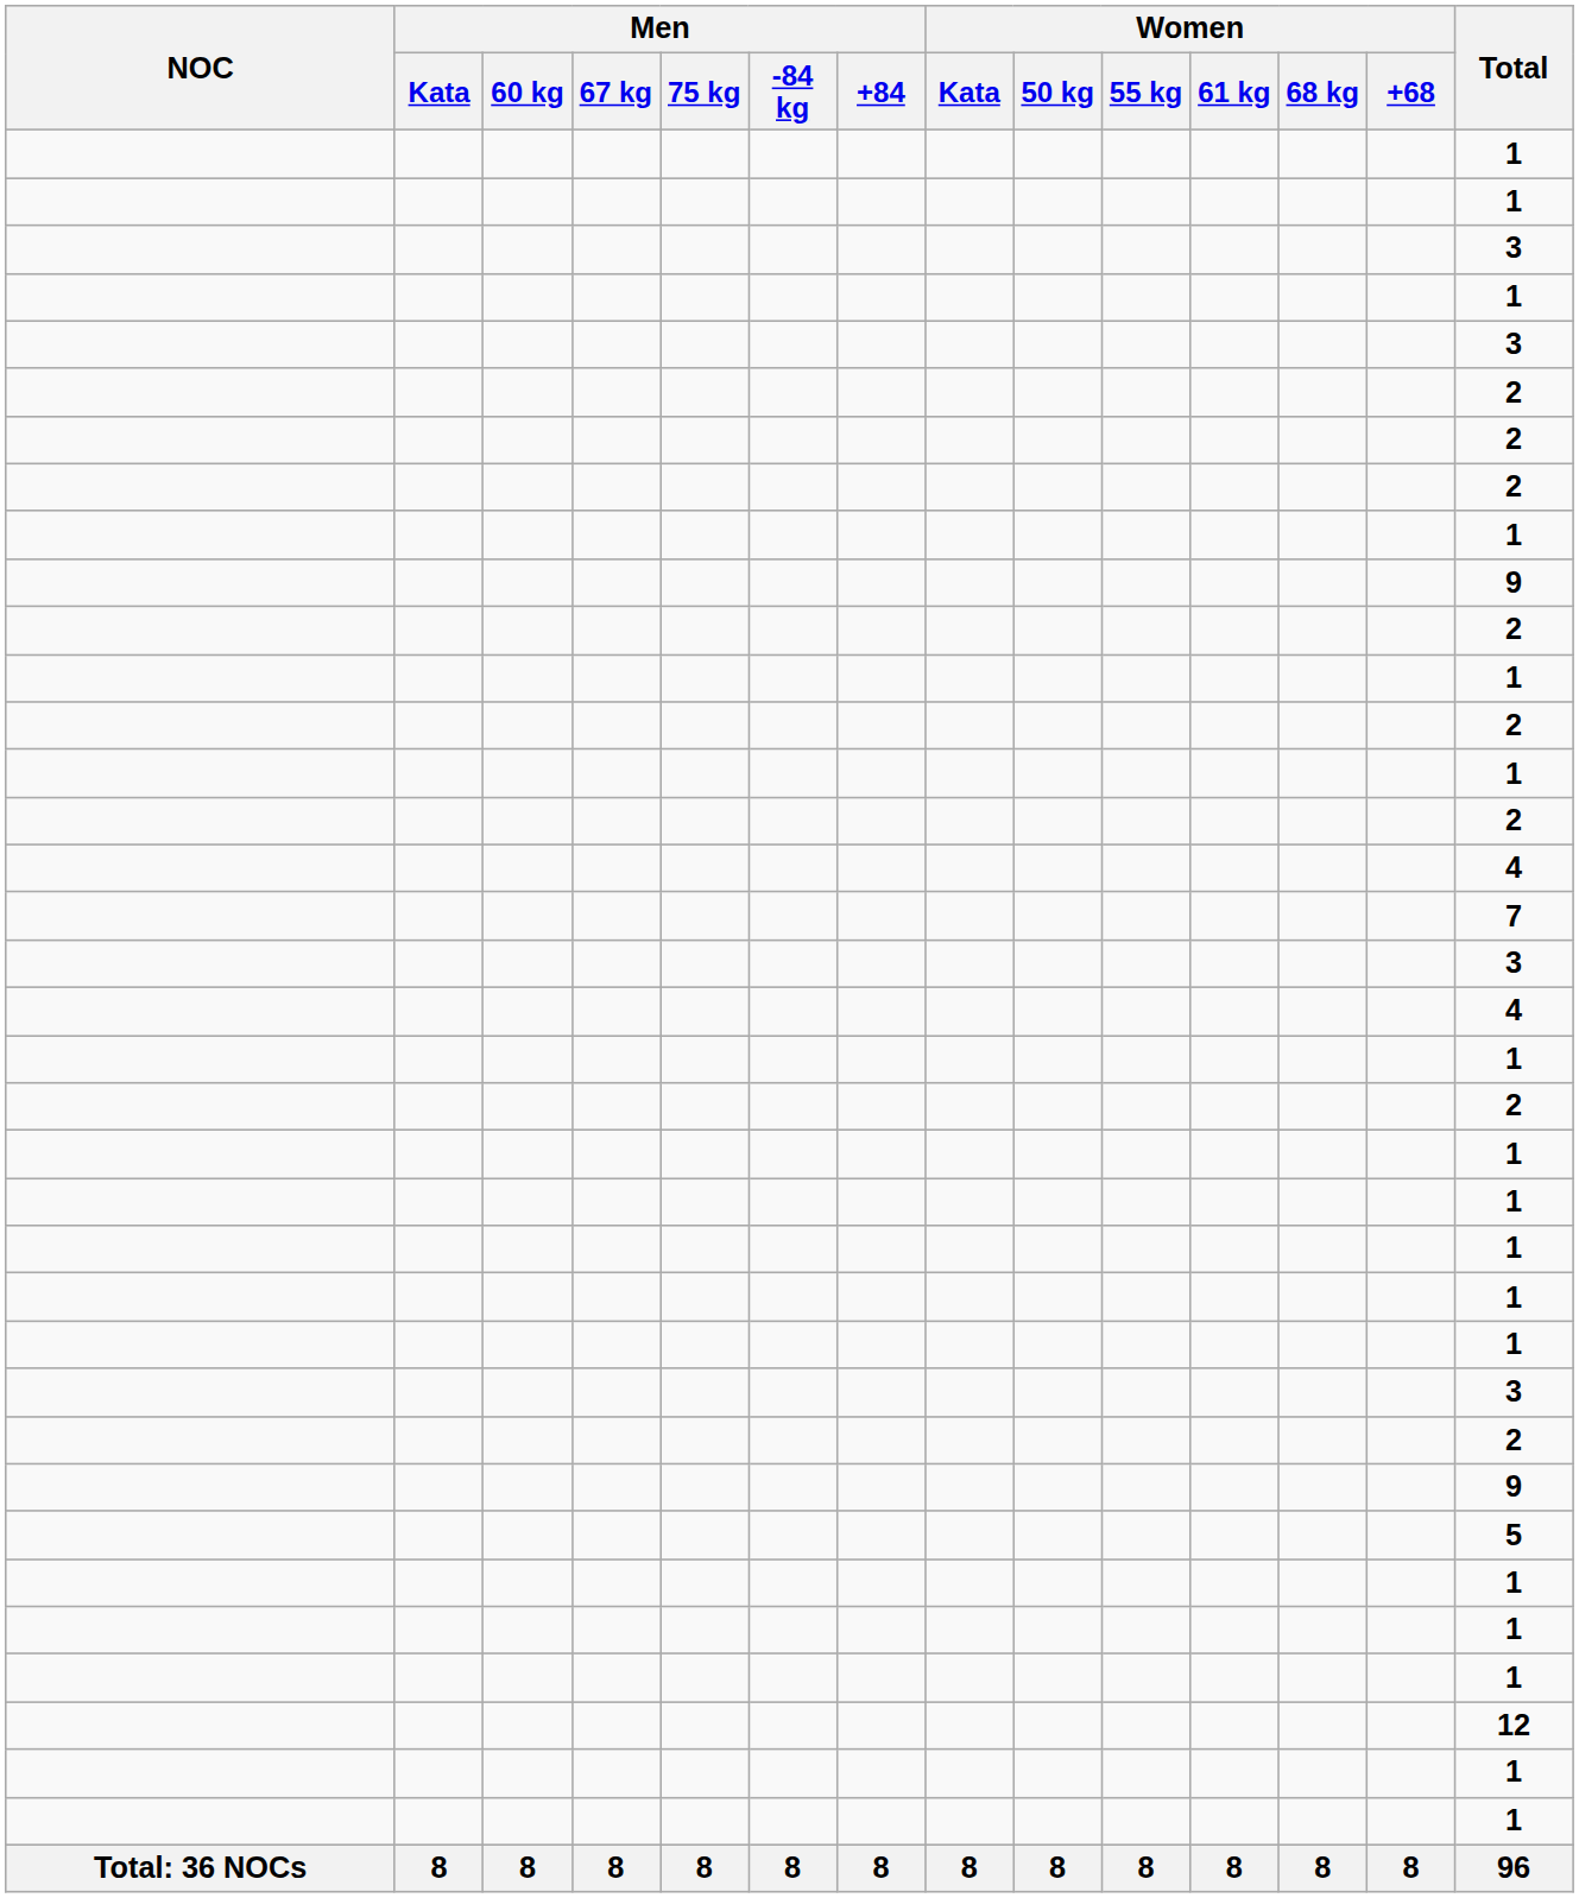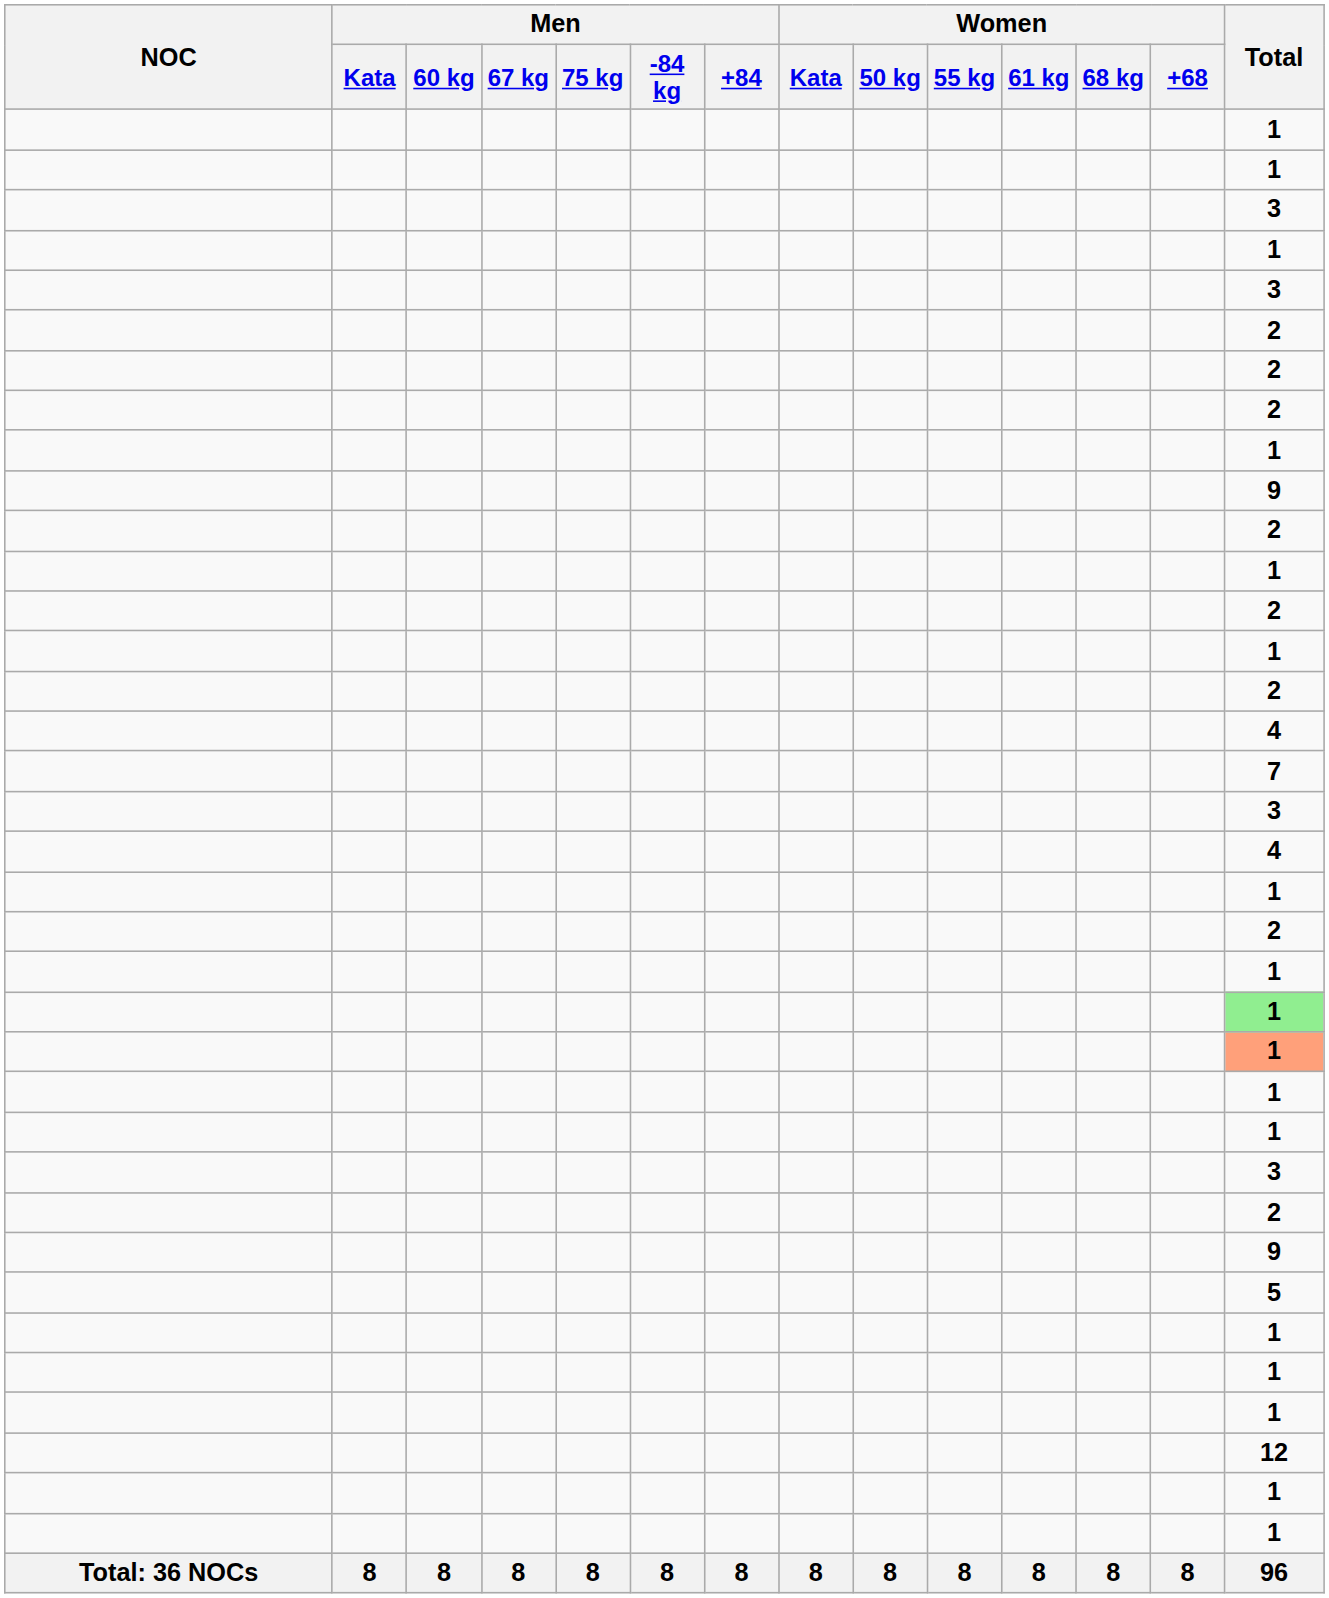 <table class="wikitable sortable" style="text-align:center; font-size:100%">
 <tr>
 <th rowspan="2" width=200 style="text-align:center;">NOC</th>
 <th colspan="6">Men</th>
 <th colspan="6">Women</th>
 <th width=55 rowspan="2">Total</th>
 </tr>
 <tr style="font-size:95%">
 <th width=40><a href='#'>Kata</a></th>
 <th width=40><a href='#'>60 kg</a></th>
 <th width=40><a href='#'>67 kg</a></th>
 <th width=40><a href='#'>75 kg</a></th>
 <th width=40><a href='#'>-84 kg</a></th>
 <th width=40><a href='#'>+84</a></th>
 <th width=40><a href='#'>Kata</a></th>
 <th width=40><a href='#'>50 kg</a></th>
 <th width=40><a href='#'>55 kg</a></th>
 <th width=40><a href='#'>61 kg</a></th>
 <th width=40><a href='#'>68 kg</a></th>
 <th width=40><a href='#'>+68</a></th>
 </tr>
 <tr>
 <td align="left"></td>
 <td></td>
 <td></td>
 <td></td>
 <td></td>
 <td></td>
 <td></td>
 <td></td>
 <td></td>
 <td></td>
 <td></td>
 <td></td>
 <td></td>
 <td><strong>1</strong></td>
 </tr>
 <tr>
 <td align="left"></td>
 <td></td>
 <td></td>
 <td></td>
 <td></td>
 <td></td>
 <td></td>
 <td></td>
 <td></td>
 <td></td>
 <td></td>
 <td></td>
 <td></td>
 <td><strong>1</strong></td>
 </tr>
 <tr>
 <td align="left"></td>
 <td></td>
 <td></td>
 <td></td>
 <td></td>
 <td></td>
 <td></td>
 <td></td>
 <td></td>
 <td></td>
 <td></td>
 <td></td>
 <td></td>
 <td><strong>3</strong></td>
 </tr>
 <tr>
 <td align="left"></td>
 <td></td>
 <td></td>
 <td></td>
 <td></td>
 <td></td>
 <td></td>
 <td></td>
 <td></td>
 <td></td>
 <td></td>
 <td></td>
 <td></td>
 <td><strong>1</strong></td>
 </tr>
 <tr>
 <td align="left"></td>
 <td></td>
 <td></td>
 <td></td>
 <td></td>
 <td></td>
 <td></td>
 <td></td>
 <td></td>
 <td></td>
 <td></td>
 <td></td>
 <td></td>
 <td><strong>3</strong></td>
 </tr>
 <tr>
 <td align="left"></td>
 <td></td>
 <td></td>
 <td></td>
 <td></td>
 <td></td>
 <td></td>
 <td></td>
 <td></td>
 <td></td>
 <td></td>
 <td></td>
 <td></td>
 <td><strong>2</strong></td>
 </tr>
 <tr>
 <td align="left"></td>
 <td></td>
 <td></td>
 <td></td>
 <td></td>
 <td></td>
 <td></td>
 <td></td>
 <td></td>
 <td></td>
 <td></td>
 <td></td>
 <td></td>
 <td><strong>2</strong></td>
 </tr>
 <tr>
 <td align="left"></td>
 <td></td>
 <td></td>
 <td></td>
 <td></td>
 <td></td>
 <td></td>
 <td></td>
 <td></td>
 <td></td>
 <td></td>
 <td></td>
 <td></td>
 <td><strong>2</strong></td>
 </tr>
 <tr>
 <td align="left"></td>
 <td></td>
 <td></td>
 <td></td>
 <td></td>
 <td></td>
 <td></td>
 <td></td>
 <td></td>
 <td></td>
 <td></td>
 <td></td>
 <td></td>
 <td><strong>1</strong></td>
 </tr>
 <tr>
 <td align="left"></td>
 <td></td>
 <td></td>
 <td></td>
 <td></td>
 <td></td>
 <td></td>
 <td></td>
 <td></td>
 <td></td>
 <td></td>
 <td></td>
 <td></td>
 <td><strong>9</strong></td>
 </tr>
 <tr>
 <td align="left"></td>
 <td></td>
 <td></td>
 <td></td>
 <td></td>
 <td></td>
 <td></td>
 <td></td>
 <td></td>
 <td></td>
 <td></td>
 <td></td>
 <td></td>
 <td><strong>2</strong></td>
 </tr>
 <tr>
 <td align="left"></td>
 <td></td>
 <td></td>
 <td></td>
 <td></td>
 <td></td>
 <td></td>
 <td></td>
 <td></td>
 <td></td>
 <td></td>
 <td></td>
 <td></td>
 <td><strong>1</strong></td>
 </tr>
 <tr>
 <td align="left"></td>
 <td></td>
 <td></td>
 <td></td>
 <td></td>
 <td></td>
 <td></td>
 <td></td>
 <td></td>
 <td></td>
 <td></td>
 <td></td>
 <td></td>
 <td><strong>2</strong></td>
 </tr>
 <tr>
 <td align="left"></td>
 <td></td>
 <td></td>
 <td></td>
 <td></td>
 <td></td>
 <td></td>
 <td></td>
 <td></td>
 <td></td>
 <td></td>
 <td></td>
 <td></td>
 <td><strong>1</strong></td>
 </tr>
 <tr>
 <td align="left"></td>
 <td></td>
 <td></td>
 <td></td>
 <td></td>
 <td></td>
 <td></td>
 <td></td>
 <td></td>
 <td></td>
 <td></td>
 <td></td>
 <td></td>
 <td><strong>2</strong></td>
 </tr>
 <tr>
 <td align="left"></td>
 <td></td>
 <td></td>
 <td></td>
 <td></td>
 <td></td>
 <td></td>
 <td></td>
 <td></td>
 <td></td>
 <td></td>
 <td></td>
 <td></td>
 <td><strong>4</strong></td>
 </tr>
 <tr>
 <td align="left"></td>
 <td></td>
 <td></td>
 <td></td>
 <td></td>
 <td></td>
 <td></td>
 <td></td>
 <td></td>
 <td></td>
 <td></td>
 <td></td>
 <td></td>
 <td><strong>7</strong></td>
 </tr>
 <tr>
 <td align="left"></td>
 <td></td>
 <td></td>
 <td></td>
 <td></td>
 <td></td>
 <td></td>
 <td></td>
 <td></td>
 <td></td>
 <td></td>
 <td></td>
 <td></td>
 <td><strong>3</strong></td>
 </tr>
 <tr>
 <td align="left"></td>
 <td></td>
 <td></td>
 <td></td>
 <td></td>
 <td></td>
 <td></td>
 <td></td>
 <td></td>
 <td></td>
 <td></td>
 <td></td>
 <td></td>
 <td><strong>4</strong></td>
 </tr>
 <tr>
 <td align="left"></td>
 <td></td>
 <td></td>
 <td></td>
 <td></td>
 <td></td>
 <td></td>
 <td></td>
 <td></td>
 <td></td>
 <td></td>
 <td></td>
 <td></td>
 <td><strong>1</strong></td>
 </tr>
 <tr>
 <td align="left"></td>
 <td></td>
 <td></td>
 <td></td>
 <td></td>
 <td></td>
 <td></td>
 <td></td>
 <td></td>
 <td></td>
 <td></td>
 <td></td>
 <td></td>
 <td><strong>2</strong></td>
 </tr>
 <tr>
 <td align="left"></td>
 <td></td>
 <td></td>
 <td></td>
 <td></td>
 <td></td>
 <td></td>
 <td></td>
 <td></td>
 <td></td>
 <td></td>
 <td></td>
 <td></td>
 <td><strong>1</strong></td>
 </tr>
 <tr>
 <td align="left"></td>
 <td></td>
 <td></td>
 <td></td>
 <td></td>
 <td></td>
 <td></td>
 <td></td>
 <td></td>
 <td></td>
 <td></td>
 <td></td>
 <td></td>
-<td><strong>1</strong></td>
+<td style="background: lightgreen;"><strong>1</strong></td>
 </tr>
 <tr>
 <td align="left"></td>
 <td></td>
 <td></td>
 <td></td>
 <td></td>
 <td></td>
 <td></td>
 <td></td>
 <td></td>
 <td></td>
 <td></td>
 <td></td>
 <td></td>
-<td><strong>1</strong></td>
+<td style="background: lightsalmon;"><strong>1</strong></td>
 </tr>
 <tr>
 <td align="left"></td>
 <td></td>
 <td></td>
 <td></td>
 <td></td>
 <td></td>
 <td></td>
 <td></td>
 <td></td>
 <td></td>
 <td></td>
 <td></td>
 <td></td>
 <td><strong>1</strong></td>
 </tr>
 <tr>
 <td align="left"></td>
 <td></td>
 <td></td>
 <td></td>
 <td></td>
 <td></td>
 <td></td>
 <td></td>
 <td></td>
 <td></td>
 <td></td>
 <td></td>
 <td></td>
 <td><strong>1</strong></td>
 </tr>
 <tr>
 <td align="left"></td>
 <td></td>
 <td></td>
 <td></td>
 <td></td>
 <td></td>
 <td></td>
 <td></td>
 <td></td>
 <td></td>
 <td></td>
 <td></td>
 <td></td>
 <td><strong>3</strong></td>
 </tr>
 <tr>
 <td align="left"></td>
 <td></td>
 <td></td>
 <td></td>
 <td></td>
 <td></td>
 <td></td>
 <td></td>
 <td></td>
 <td></td>
 <td></td>
 <td></td>
 <td></td>
 <td><strong>2</strong></td>
 </tr>
 <tr>
 <td align="left"></td>
 <td></td>
 <td></td>
 <td></td>
 <td></td>
 <td></td>
 <td></td>
 <td></td>
 <td></td>
 <td></td>
 <td></td>
 <td></td>
 <td></td>
 <td><strong>9</strong></td>
 </tr>
 <tr>
 <td align="left"></td>
 <td></td>
 <td></td>
 <td></td>
 <td></td>
 <td></td>
 <td></td>
 <td></td>
 <td></td>
 <td></td>
 <td></td>
 <td></td>
 <td></td>
 <td><strong>5</strong></td>
 </tr>
 <tr>
 <td align="left"></td>
 <td></td>
 <td></td>
 <td></td>
 <td></td>
 <td></td>
 <td></td>
 <td></td>
 <td></td>
 <td></td>
 <td></td>
 <td></td>
 <td></td>
 <td><strong>1</strong></td>
 </tr>
 <tr>
 <td align="left"></td>
 <td></td>
 <td></td>
 <td></td>
 <td></td>
 <td></td>
 <td></td>
 <td></td>
 <td></td>
 <td></td>
 <td></td>
 <td></td>
 <td></td>
 <td><strong>1</strong></td>
 </tr>
 <tr>
 <td align="left"></td>
 <td></td>
 <td></td>
 <td></td>
 <td></td>
 <td></td>
 <td></td>
 <td></td>
 <td></td>
 <td></td>
 <td></td>
 <td></td>
 <td></td>
 <td><strong>1</strong></td>
 </tr>
 <tr>
 <td align="left"></td>
 <td></td>
 <td></td>
 <td></td>
 <td></td>
 <td></td>
 <td></td>
 <td></td>
 <td></td>
 <td></td>
 <td></td>
 <td></td>
 <td></td>
 <td><strong>12</strong></td>
 </tr>
 <tr>
 <td align="left"></td>
 <td></td>
 <td></td>
 <td></td>
 <td></td>
 <td></td>
 <td></td>
 <td></td>
 <td></td>
 <td></td>
 <td></td>
 <td></td>
 <td></td>
 <td><strong>1</strong></td>
 </tr>
 <tr>
 <td align="left"></td>
 <td></td>
 <td></td>
 <td></td>
 <td></td>
 <td></td>
 <td></td>
 <td></td>
 <td></td>
 <td></td>
 <td></td>
 <td></td>
 <td></td>
 <td><strong>1</strong></td>
 </tr>
 <tr>
 <th>Total: 36 NOCs</th>
 <th>8</th>
 <th>8</th>
 <th>8</th>
 <th>8</th>
 <th>8</th>
 <th>8</th>
 <th>8</th>
 <th>8</th>
 <th>8</th>
 <th>8</th>
 <th>8</th>
 <th>8</th>
 <th>96</th>
 </tr>
 </table>
